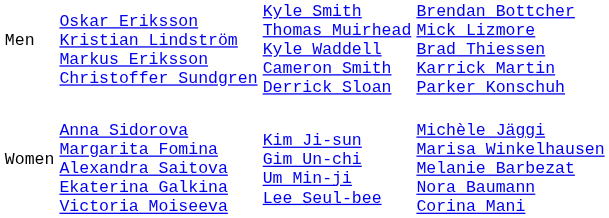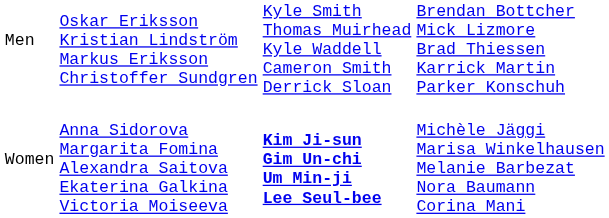 <table>
 <tr>
 <td>Men</td>
 <td><br><a href='#'>Oskar Eriksson</a><br><a href='#'>Kristian Lindström</a><br><a href='#'>Markus Eriksson</a><br><a href='#'>Christoffer Sundgren</a></td>
 <td><br><a href='#'>Kyle Smith</a><br><a href='#'>Thomas Muirhead</a><br><a href='#'>Kyle Waddell</a><br><a href='#'>Cameron Smith</a><br><a href='#'>Derrick Sloan</a></td>
 <td><br><a href='#'>Brendan Bottcher</a><br><a href='#'>Mick Lizmore</a><br><a href='#'>Brad Thiessen</a><br><a href='#'>Karrick Martin</a><br><a href='#'>Parker Konschuh</a></td>
 </tr>
 <tr>
 <td>Women</td>
 <td><br><a href='#'>Anna Sidorova</a><br><a href='#'>Margarita Fomina</a><br><a href='#'>Alexandra Saitova</a><br><a href='#'>Ekaterina Galkina</a><br><a href='#'>Victoria Moiseeva</a></td>
-<td><br><a href='#'>Kim Ji-sun</a><br><a href='#'>Gim Un-chi</a><br><a href='#'>Um Min-ji</a><br><a href='#'>Lee Seul-bee</a></td>
+<td><strong><br><a href='#'>Kim Ji-sun</a><br><a href='#'>Gim Un-chi</a><br><a href='#'>Um Min-ji</a><br><a href='#'>Lee Seul-bee</a></strong></td>
 <td><br><a href='#'>Michèle Jäggi</a><br><a href='#'>Marisa Winkelhausen</a><br><a href='#'>Melanie Barbezat</a><br><a href='#'>Nora Baumann</a><br><a href='#'>Corina Mani</a></td>
 </tr>
 </table>
